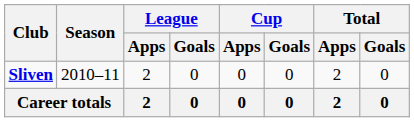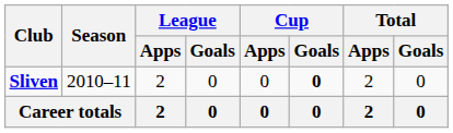 <table class="wikitable" style="font-size:90%; text-align: center;">
 <tr>
 <th rowspan="2">Club</th>
 <th rowspan="2">Season</th>
 <th colspan="2"><a href='#'>League</a></th>
 <th colspan="2"><a href='#'>Cup</a></th>
 <th colspan="2">Total</th>
 </tr>
 <tr>
 <th>Apps</th>
 <th>Goals</th>
 <th>Apps</th>
 <th>Goals</th>
 <th>Apps</th>
 <th>Goals</th>
 </tr>
 <tr>
 <td rowspan="1" valign="center"><strong><a href='#'>Sliven</a></strong></td>
 <td>2010–11</td>
 <td>2</td>
 <td>0</td>
 <td>0</td>
-<td>0</td>
+<td><strong>0</strong></td>
 <td>2</td>
 <td>0</td>
 </tr>
 <tr>
 <th colspan="2">Career totals</th>
 <th>2</th>
 <th>0</th>
 <th>0</th>
 <th>0</th>
 <th>2</th>
 <th>0</th>
 </tr>
 </table>
